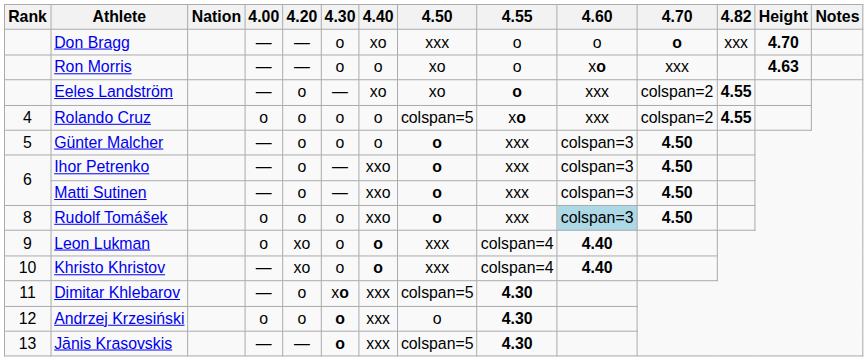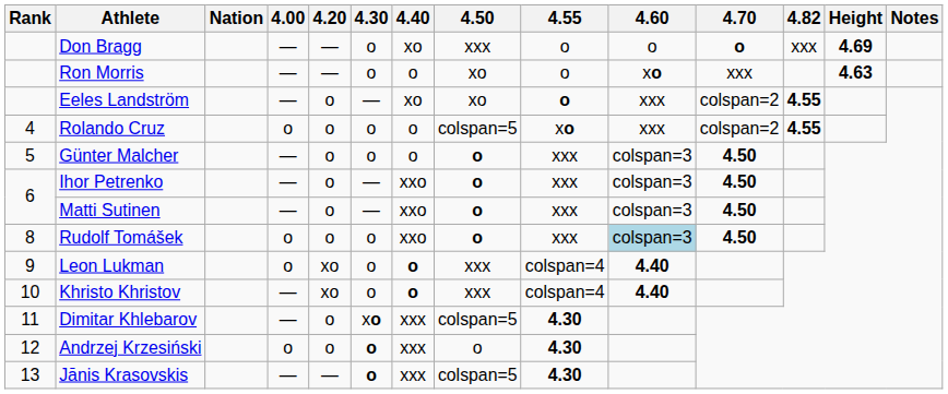 <table class="wikitable sortable" style="text-align:center">
 <tr>
 <th>Rank</th>
 <th>Athlete</th>
 <th>Nation</th>
 <th>4.00</th>
 <th>4.20</th>
 <th>4.30</th>
 <th>4.40</th>
 <th>4.50</th>
 <th>4.55</th>
 <th>4.60</th>
 <th>4.70</th>
 <th>4.82</th>
 <th>Height</th>
 <th>Notes</th>
 </tr>
 <tr>
 <td></td>
 <td align=left><a href='#'>Don Bragg</a></td>
 <td align=left></td>
 <td>—</td>
 <td>—</td>
 <td>o</td>
 <td>xo</td>
 <td>xxx</td>
 <td>o</td>
 <td>o</td>
 <td><strong>o</strong></td>
 <td>xxx</td>
-<td><strong>4.70</strong></td>
+<td><strong>4.69</strong></td>
 <td></td>
 </tr>
 <tr>
 <td></td>
 <td align=left><a href='#'>Ron Morris</a></td>
 <td align=left></td>
 <td>—</td>
 <td>—</td>
 <td>o</td>
 <td>o</td>
 <td>xo</td>
 <td>o</td>
 <td>x<strong>o</strong></td>
 <td>xxx</td>
 <td></td>
 <td><strong>4.63</strong></td>
 <td></td>
 </tr>
 <tr>
 <td></td>
 <td align=left><a href='#'>Eeles Landström</a></td>
 <td align=left></td>
 <td>—</td>
 <td>o</td>
 <td>—</td>
 <td>xo</td>
 <td>xo</td>
 <td><strong>o</strong></td>
 <td>xxx</td>
 <td>colspan=2 </td>
 <td><strong>4.55</strong></td>
 <td></td>
 </tr>
 <tr>
 <td>4</td>
 <td align=left><a href='#'>Rolando Cruz</a></td>
 <td align=left></td>
 <td>o</td>
 <td>o</td>
 <td>o</td>
 <td>o</td>
 <td>colspan=5 </td>
 <td>x<strong>o</strong></td>
 <td>xxx</td>
 <td>colspan=2 </td>
 <td><strong>4.55</strong></td>
 <td></td>
 </tr>
 <tr>
 <td>5</td>
 <td align=left><a href='#'>Günter Malcher</a></td>
 <td align=left></td>
 <td>—</td>
 <td>o</td>
 <td>o</td>
 <td>o</td>
 <td><strong>o</strong></td>
 <td>xxx</td>
 <td>colspan=3 </td>
 <td><strong>4.50</strong></td>
 <td></td>
 </tr>
 <tr>
 <td rowspan=2>6</td>
 <td align=left><a href='#'>Ihor Petrenko</a></td>
 <td align=left></td>
 <td>—</td>
 <td>o</td>
 <td>—</td>
 <td>xxo</td>
 <td><strong>o</strong></td>
 <td>xxx</td>
 <td>colspan=3 </td>
 <td><strong>4.50</strong></td>
 <td></td>
 </tr>
 <tr>
 <td align=left><a href='#'>Matti Sutinen</a></td>
 <td align=left></td>
 <td>—</td>
 <td>o</td>
 <td>—</td>
 <td>xxo</td>
 <td><strong>o</strong></td>
 <td>xxx</td>
 <td>colspan=3 </td>
 <td><strong>4.50</strong></td>
 <td></td>
 </tr>
 <tr>
 <td>8</td>
 <td align=left><a href='#'>Rudolf Tomášek</a></td>
 <td align=left></td>
 <td>o</td>
 <td>o</td>
 <td>o</td>
 <td>xxo</td>
 <td><strong>o</strong></td>
 <td>xxx</td>
 <td style="background: lightblue;">colspan=3 </td>
 <td><strong>4.50</strong></td>
 <td></td>
 </tr>
 <tr>
 <td>9</td>
 <td align=left><a href='#'>Leon Lukman</a></td>
 <td align=left></td>
 <td>o</td>
 <td>xo</td>
 <td>o</td>
 <td><strong>o</strong></td>
 <td>xxx</td>
 <td>colspan=4 </td>
 <td><strong>4.40</strong></td>
 <td></td>
 </tr>
 <tr>
 <td>10</td>
 <td align=left><a href='#'>Khristo Khristov</a></td>
 <td align=left></td>
 <td>—</td>
 <td>xo</td>
 <td>o</td>
 <td><strong>o</strong></td>
 <td>xxx</td>
 <td>colspan=4 </td>
 <td><strong>4.40</strong></td>
 <td></td>
 </tr>
 <tr>
 <td>11</td>
 <td align=left><a href='#'>Dimitar Khlebarov</a></td>
 <td align=left></td>
 <td>—</td>
 <td>o</td>
 <td>x<strong>o</strong></td>
 <td>xxx</td>
 <td>colspan=5 </td>
 <td><strong>4.30</strong></td>
 <td></td>
 </tr>
 <tr>
 <td>12</td>
 <td align=left><a href='#'>Andrzej Krzesiński</a></td>
 <td align=left></td>
 <td>o</td>
 <td>o</td>
 <td><strong>o</strong></td>
 <td>xxx</td>
 <td>o</td>
 <td><strong>4.30</strong></td>
 <td></td>
 </tr>
 <tr>
 <td>13</td>
 <td align=left><a href='#'>Jānis Krasovskis</a></td>
 <td align=left></td>
 <td>—</td>
 <td>—</td>
 <td><strong>o</strong></td>
 <td>xxx</td>
 <td>colspan=5 </td>
 <td><strong>4.30</strong></td>
 <td></td>
 </tr>
 </table>
